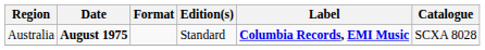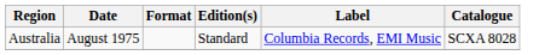 <table class="wikitable plainrowheaders">
 <tr>
 <th scope="col">Region</th>
 <th scope="col">Date</th>
 <th scope="col">Format</th>
 <th scope="col">Edition(s)</th>
 <th scope="col">Label</th>
 <th scope="col">Catalogue</th>
 </tr>
 <tr>
 <td>Australia</td>
-<td><strong>August 1975</strong></td>
+<td>August 1975</td>
 <td></td>
 <td>Standard</td>
-<td><strong><a href='#'>Columbia Records</a>, <a href='#'>EMI Music</a></strong></td>
+<td><a href='#'>Columbia Records</a>, <a href='#'>EMI Music</a></td>
 <td>SCXA 8028</td>
 </tr>
 <tr>
 </tr>
 </table>
